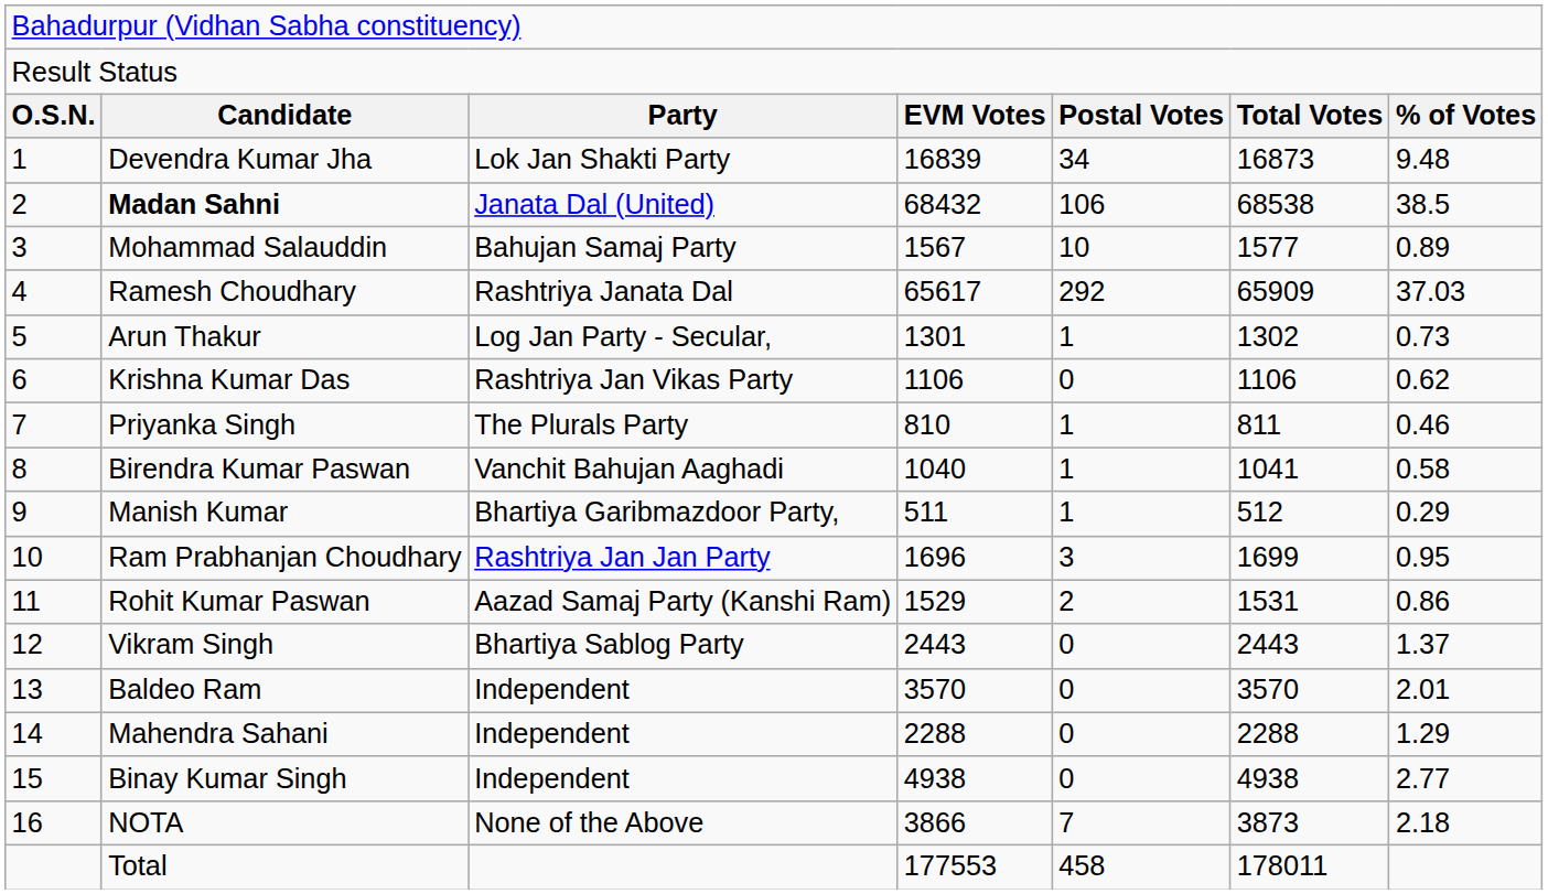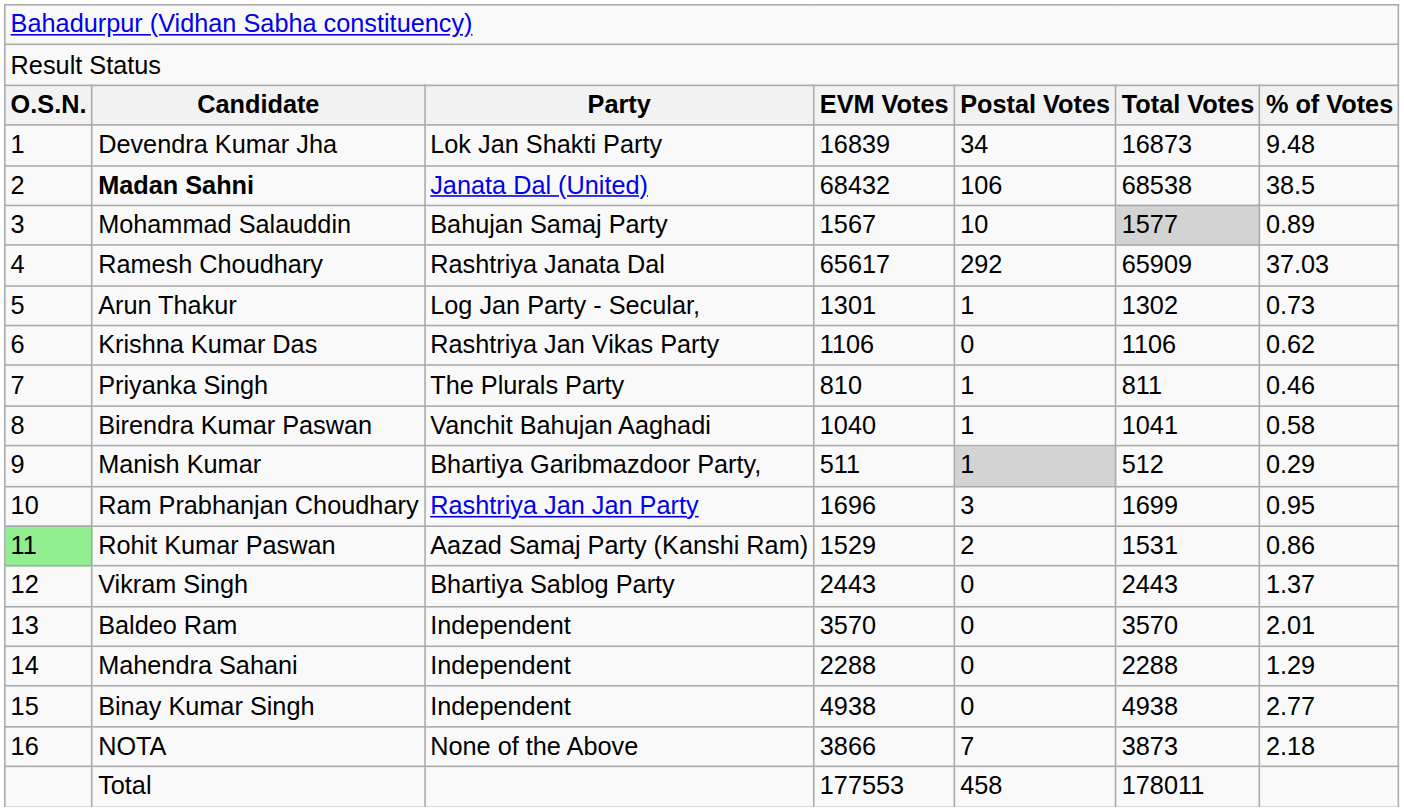 <table class="wikitable">
 <tr>
 <td colspan="9"><a href='#'>Bahadurpur (Vidhan Sabha constituency)</a></td>
 </tr>
 <tr>
 <td colspan="9">Result Status</td>
 </tr>
 <tr>
 <th>O.S.N.</th>
 <th>Candidate</th>
 <th>Party</th>
 <th>EVM Votes</th>
 <th>Postal Votes</th>
 <th>Total Votes</th>
 <th>% of Votes</th>
 </tr>
 <tr>
 <td>1</td>
 <td>Devendra Kumar Jha</td>
 <td>Lok Jan Shakti Party</td>
 <td>16839</td>
 <td>34</td>
 <td>16873</td>
 <td>9.48</td>
 </tr>
 <tr>
 <td>2</td>
 <td><strong>Madan Sahni</strong></td>
 <td><a href='#'>Janata Dal (United)</a></td>
 <td>68432</td>
 <td>106</td>
 <td>68538</td>
 <td>38.5</td>
 </tr>
 <tr>
 <td>3</td>
 <td>Mohammad Salauddin</td>
 <td>Bahujan Samaj Party</td>
 <td>1567</td>
 <td>10</td>
-<td>1577</td>
+<td style="background: lightgrey;">1577</td>
 <td>0.89</td>
 </tr>
 <tr>
 <td>4</td>
 <td>Ramesh Choudhary</td>
 <td>Rashtriya Janata Dal</td>
 <td>65617</td>
 <td>292</td>
 <td>65909</td>
 <td>37.03</td>
 </tr>
 <tr>
 <td>5</td>
 <td>Arun Thakur</td>
 <td>Log Jan Party - Secular,</td>
 <td>1301</td>
 <td>1</td>
 <td>1302</td>
 <td>0.73</td>
 </tr>
 <tr>
 <td>6</td>
 <td>Krishna Kumar Das</td>
 <td>Rashtriya Jan Vikas Party</td>
 <td>1106</td>
 <td>0</td>
 <td>1106</td>
 <td>0.62</td>
 </tr>
 <tr>
 <td>7</td>
 <td>Priyanka Singh</td>
 <td>The Plurals Party</td>
 <td>810</td>
 <td>1</td>
 <td>811</td>
 <td>0.46</td>
 </tr>
 <tr>
 <td>8</td>
 <td>Birendra Kumar Paswan</td>
 <td>Vanchit Bahujan Aaghadi</td>
 <td>1040</td>
 <td>1</td>
 <td>1041</td>
 <td>0.58</td>
 </tr>
 <tr>
 <td>9</td>
 <td>Manish Kumar</td>
 <td>Bhartiya Garibmazdoor Party,</td>
 <td>511</td>
-<td>1</td>
+<td style="background: lightgrey;">1</td>
 <td>512</td>
 <td>0.29</td>
 </tr>
 <tr>
 <td>10</td>
 <td>Ram Prabhanjan Choudhary</td>
 <td><a href='#'>Rashtriya Jan Jan Party</a></td>
 <td>1696</td>
 <td>3</td>
 <td>1699</td>
 <td>0.95</td>
 </tr>
 <tr>
-<td>11</td>
+<td style="background: lightgreen;">11</td>
 <td>Rohit Kumar Paswan</td>
 <td>Aazad Samaj Party (Kanshi Ram)</td>
 <td>1529</td>
 <td>2</td>
 <td>1531</td>
 <td>0.86</td>
 </tr>
 <tr>
 <td>12</td>
 <td>Vikram Singh</td>
 <td>Bhartiya Sablog Party</td>
 <td>2443</td>
 <td>0</td>
 <td>2443</td>
 <td>1.37</td>
 </tr>
 <tr>
 <td>13</td>
 <td>Baldeo Ram</td>
 <td>Independent</td>
 <td>3570</td>
 <td>0</td>
 <td>3570</td>
 <td>2.01</td>
 </tr>
 <tr>
 <td>14</td>
 <td>Mahendra Sahani</td>
 <td>Independent</td>
 <td>2288</td>
 <td>0</td>
 <td>2288</td>
 <td>1.29</td>
 </tr>
 <tr>
 <td>15</td>
 <td>Binay Kumar Singh</td>
 <td>Independent</td>
 <td>4938</td>
 <td>0</td>
 <td>4938</td>
 <td>2.77</td>
 </tr>
 <tr>
 <td>16</td>
 <td>NOTA</td>
 <td>None of the Above</td>
 <td>3866</td>
 <td>7</td>
 <td>3873</td>
 <td>2.18</td>
 </tr>
 <tr>
 <td></td>
 <td>Total</td>
 <td></td>
 <td>177553</td>
 <td>458</td>
 <td>178011</td>
 <td></td>
 </tr>
 </table>
